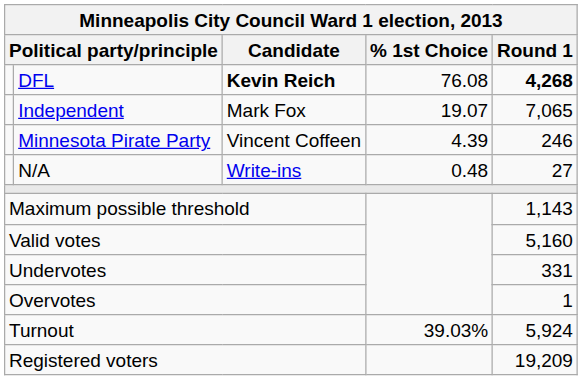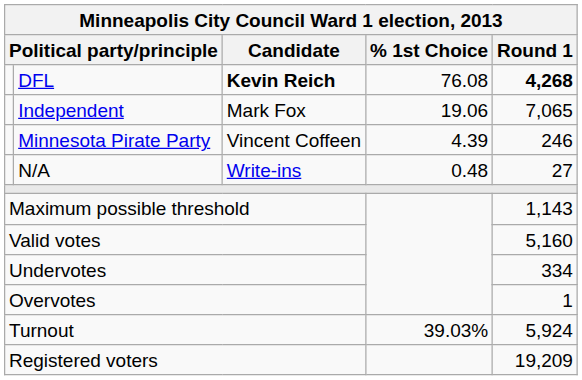 <table class="wikitable" style="font-size:95%">
 <tr>
 <th colspan="5">Minneapolis City Council Ward 1 election, 2013</th>
 </tr>
 <tr>
 <th colspan="2">Political party/principle</th>
 <th>Candidate</th>
 <th>% 1st Choice</th>
 <th>Round 1</th>
 </tr>
 <tr>
 <td style="background-color:"></td>
 <td><a href='#'>DFL</a></td>
 <td><strong>Kevin Reich</strong></td>
 <td align="right">76.08</td>
 <td align="right"><strong>4,268</strong></td>
 </tr>
 <tr>
 <td style="background-color:"></td>
 <td><a href='#'>Independent</a></td>
 <td>Mark Fox</td>
-<td align="right">19.07</td>
+<td align="right">19.06</td>
 <td align="right">7,065</td>
 </tr>
 <tr>
 <td style="background-color:"></td>
 <td><a href='#'>Minnesota Pirate Party</a></td>
 <td>Vincent Coffeen</td>
 <td align="right">4.39</td>
 <td align="right">246</td>
 </tr>
 <tr>
 <td style="background-color:"></td>
 <td>N/A</td>
 <td><a href='#'>Write-ins</a></td>
 <td align="right">0.48</td>
 <td align="right">27</td>
 </tr>
 <tr>
 <td colspan="5" style="background: #E9E9E9"></td>
 </tr>
 <tr>
 <td colspan="3">Maximum possible threshold</td>
 <td rowspan="4"></td>
 <td align="right">1,143</td>
 </tr>
 <tr>
 <td colspan="3">Valid votes</td>
 <td align="right">5,160</td>
 </tr>
 <tr>
 <td colspan="3">Undervotes</td>
-<td align="right">331</td>
+<td align="right">334</td>
 </tr>
 <tr>
 <td colspan="3">Overvotes</td>
 <td align="right">1</td>
 </tr>
 <tr>
 <td colspan="3">Turnout</td>
 <td align="right">39.03%</td>
 <td align="right">5,924</td>
 </tr>
 <tr>
 <td colspan="3">Registered voters</td>
 <td></td>
 <td align="right">19,209</td>
 </tr>
 </table>
